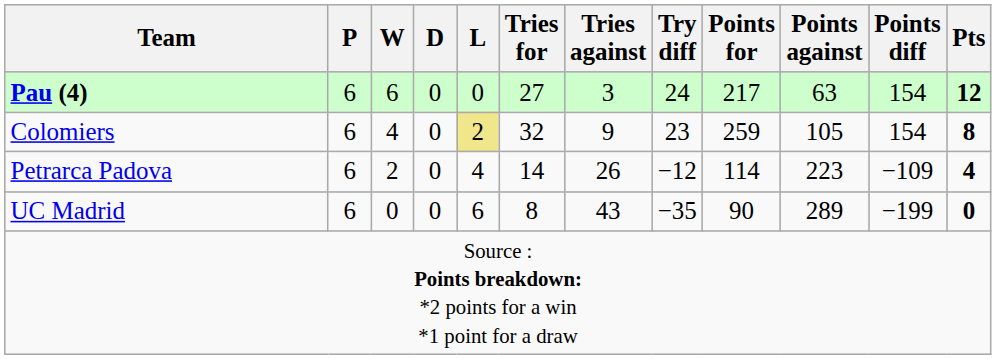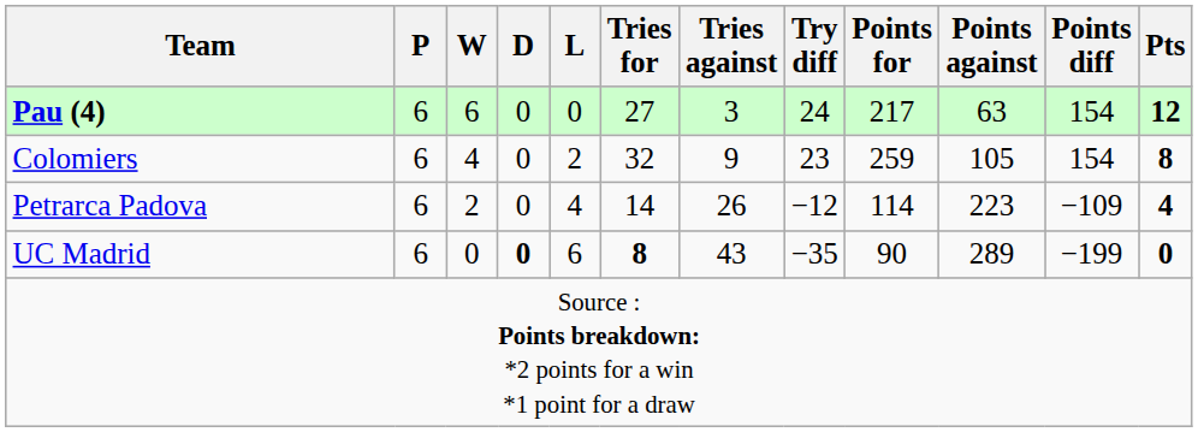 <table class="wikitable" style="text-align: center;">
 <tr>
 <th width="200">Team</th>
 <th width="20">P</th>
 <th width="20">W</th>
 <th width="20">D</th>
 <th width="20">L</th>
 <th width="20">Tries for</th>
 <th width="20">Tries against</th>
 <th width="20">Try diff</th>
 <th width="20">Points for</th>
 <th width="20">Points against</th>
 <th width="25">Points diff</th>
 <th width="20">Pts</th>
 </tr>
 <tr bgcolor="#ccffcc">
 <td align="left"> <strong><a href='#'>Pau</a> (4)</strong></td>
 <td>6</td>
 <td>6</td>
 <td>0</td>
 <td>0</td>
 <td>27</td>
 <td>3</td>
 <td>24</td>
 <td>217</td>
 <td>63</td>
 <td>154</td>
 <td><strong>12</strong></td>
 </tr>
 <tr>
 <td align="left"> <a href='#'>Colomiers</a></td>
 <td>6</td>
 <td>4</td>
 <td>0</td>
-<td style="background: khaki;">2</td>
+<td>2</td>
 <td>32</td>
 <td>9</td>
 <td>23</td>
 <td>259</td>
 <td>105</td>
 <td>154</td>
 <td><strong>8</strong></td>
 </tr>
 <tr>
 <td align="left"> <a href='#'>Petrarca Padova</a></td>
 <td>6</td>
 <td>2</td>
 <td>0</td>
 <td>4</td>
 <td>14</td>
 <td>26</td>
 <td>−12</td>
 <td>114</td>
 <td>223</td>
 <td>−109</td>
 <td><strong>4</strong></td>
 </tr>
 <tr>
 <td align="left"> <a href='#'>UC Madrid</a></td>
 <td>6</td>
 <td>0</td>
-<td>0</td>
+<td><strong>0</strong></td>
 <td>6</td>
-<td>8</td>
+<td><strong>8</strong></td>
 <td>43</td>
 <td>−35</td>
 <td>90</td>
 <td>289</td>
 <td>−199</td>
 <td><strong>0</strong></td>
 </tr>
 <tr |align=left|>
 <td colspan="14" style="border:0px"><small>Source :  <br><strong>Points breakdown:</strong><br>*2 points for a win<br>*1 point for a draw</small></td>
 </tr>
 </table>
